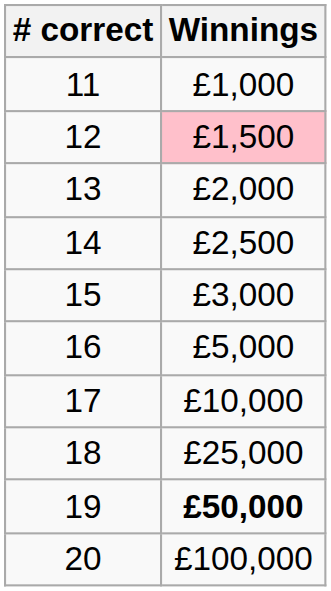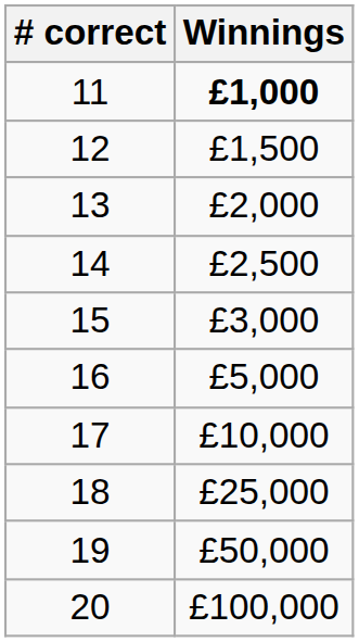 <table class="wikitable" style="text-align:center;">
 <tr>
 <th># correct</th>
 <th>Winnings</th>
 </tr>
 <tr>
 <td>11</td>
-<td>£1,000</td>
+<td><strong>£1,000</strong></td>
 </tr>
 <tr>
 <td>12</td>
-<td style="background: pink;">£1,500</td>
+<td>£1,500</td>
 </tr>
 <tr>
 <td>13</td>
 <td>£2,000</td>
 </tr>
 <tr>
 <td>14</td>
 <td>£2,500</td>
 </tr>
 <tr>
 <td>15</td>
 <td>£3,000</td>
 </tr>
 <tr>
 <td>16</td>
 <td>£5,000</td>
 </tr>
 <tr>
 <td>17</td>
 <td>£10,000</td>
 </tr>
 <tr>
 <td>18</td>
 <td>£25,000</td>
 </tr>
 <tr>
 <td>19</td>
-<td><strong>£50,000</strong></td>
+<td>£50,000</td>
 </tr>
 <tr>
 <td>20</td>
 <td>£100,000</td>
 </tr>
 </table>
